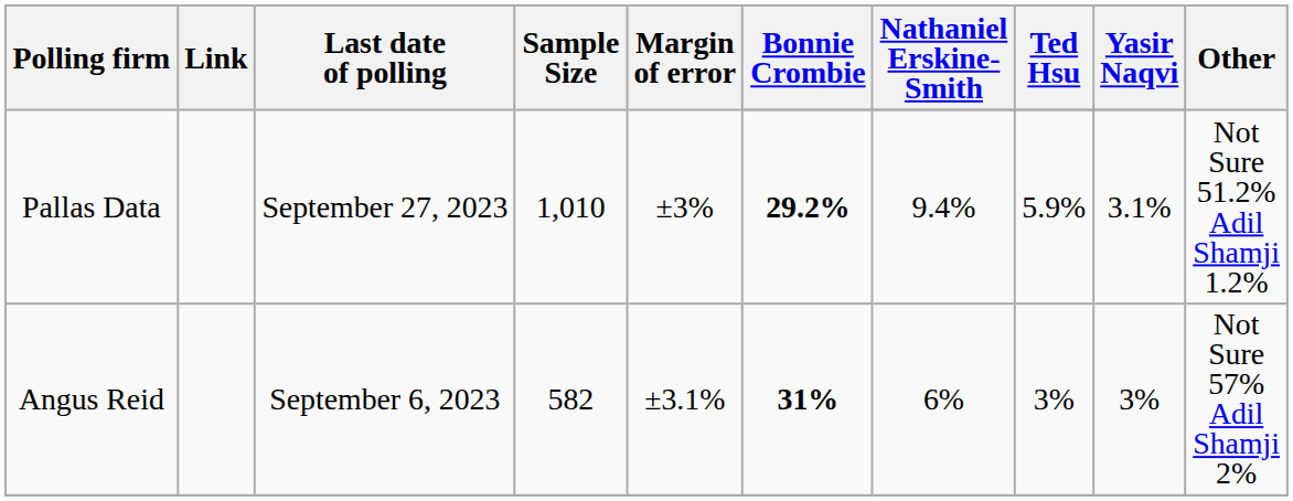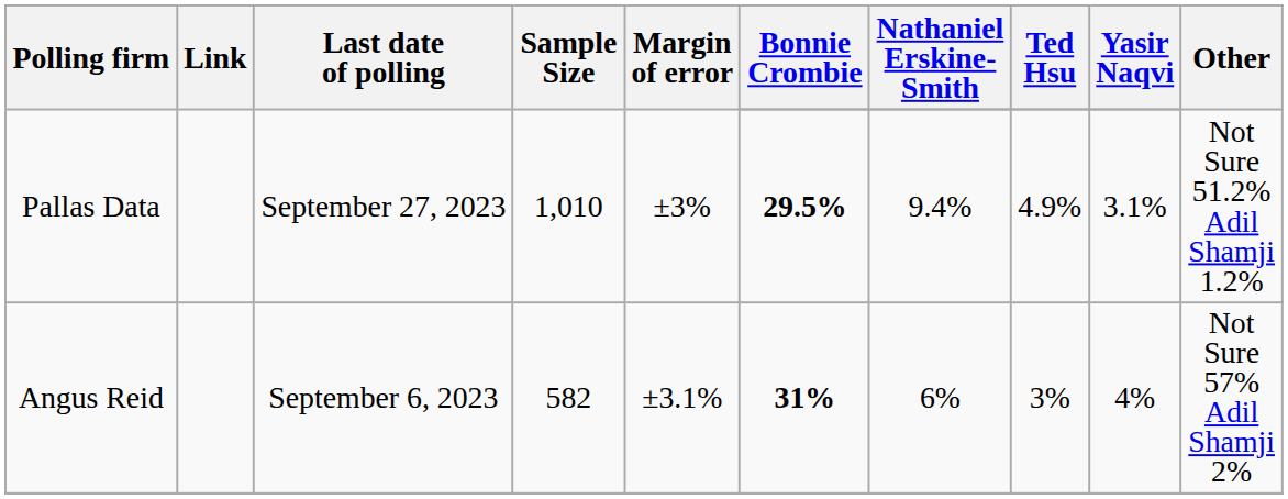 <table class="wikitable sortable tpl-blanktable" style="text-align:center; line-height:14px;font-size:90%;">
 <tr>
 <th rowspan="2">Polling firm</th>
 <th rowspan="2" class="unsortable">Link</th>
 <th rowspan="2">Last date<br>of polling</th>
 <th rowspan="2" class="unsortable">Sample<br>Size</th>
 <th rowspan="2">Margin<br>of error</th>
 <th style="width:25px;"><a href='#'>Bonnie Crombie</a></th>
 <th style="width:25px;"><a href='#'>Nathaniel Erskine-Smith</a></th>
 <th style="width:25px;"><a href='#'>Ted Hsu</a></th>
 <th style="width:25px;"><a href='#'>Yasir Naqvi</a></th>
 <th rowspan="2" style="width:25px;">Other</th>
 </tr>
 <tr class="sorttop">
 </tr>
 <tr>
 <td>Pallas Data</td>
 <td></td>
 <td>September 27, 2023</td>
 <td>1,010</td>
 <td>±3%</td>
-<td><strong>29.2%</strong></td>
+<td><strong>29.5%</strong></td>
 <td>9.4%</td>
-<td>5.9%</td>
+<td>4.9%</td>
 <td>3.1%</td>
 <td>Not Sure 51.2% <br> <a href='#'>Adil Shamji</a> 1.2%</td>
 </tr>
 <tr>
 <td>Angus Reid</td>
 <td></td>
 <td>September 6, 2023</td>
 <td>582</td>
 <td>±3.1%</td>
 <td><strong>31%</strong></td>
 <td>6%</td>
 <td>3%</td>
-<td>3%</td>
+<td>4%</td>
 <td>Not Sure 57% <br> <a href='#'>Adil Shamji</a> 2%</td>
 </tr>
 <tr>
 </tr>
 </table>
